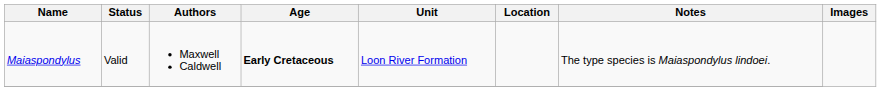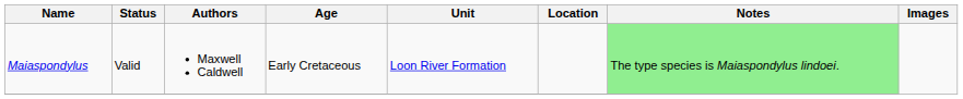 <table class="wikitable sortable" align="center" width="100%">
 <tr>
 <th>Name</th>
 <th>Status</th>
 <th>Authors</th>
 <th>Age</th>
 <th>Unit</th>
 <th>Location</th>
 <th>Notes</th>
 <th>Images</th>
 </tr>
 <tr>
 <td><br><em><a href='#'>Maiaspondylus</a></em></td>
 <td><br>Valid</td>
 <td><br><ul><li>Maxwell</li><li>Caldwell</li></ul></td>
-<td><strong><br>Early Cretaceous</strong></td>
+<td><br>Early Cretaceous</td>
 <td><br><a href='#'>Loon River Formation</a></td>
 <td><br></td>
-<td><br>The type species is <em>Maiaspondylus lindoei</em>.</td>
+<td style="background: lightgreen;"><br>The type species is <em>Maiaspondylus lindoei</em>.</td>
 <td rowspan="47"><br></td>
 </tr>
 <tr>
 </tr>
 </table>
